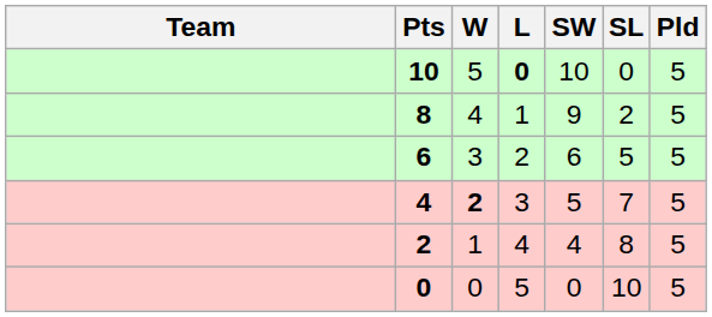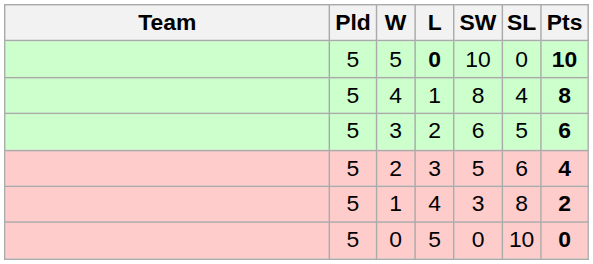 <table class=wikitable style="text-align:center">
 <tr>
 <th width=220>Team</th>
-<th width=20>Pts</th>
+<th width=20>Pld</th>
 <th width=20>W</th>
 <th width=20>L</th>
 <th width=20>SW</th>
 <th width=20>SL</th>
-<th width=20>Pld</th>
+<th width=20>Pts</th>
 </tr>
 <tr bgcolor=ccffcc>
 <td align=left></td>
-<td><strong>10</strong></td>
+<td>5</td>
 <td>5</td>
 <td><strong>0</strong></td>
 <td>10</td>
 <td>0</td>
-<td>5</td>
+<td><strong>10</strong></td>
 </tr>
 <tr bgcolor=ccffcc>
 <td align=left></td>
-<td><strong>8</strong></td>
+<td>5</td>
 <td>4</td>
 <td>1</td>
-<td>9</td>
-<td>2</td>
-<td>5</td>
+<td>8</td>
+<td>4</td>
+<td><strong>8</strong></td>
 </tr>
 <tr bgcolor=ccffcc>
 <td align=left></td>
-<td><strong>6</strong></td>
+<td>5</td>
 <td>3</td>
 <td>2</td>
 <td>6</td>
 <td>5</td>
-<td>5</td>
+<td><strong>6</strong></td>
 </tr>
 <tr bgcolor=ffcccc>
 <td align=left></td>
-<td><strong>4</strong></td>
-<td><strong>2</strong></td>
+<td>5</td>
+<td>2</td>
 <td>3</td>
 <td>5</td>
-<td>7</td>
-<td>5</td>
+<td>6</td>
+<td><strong>4</strong></td>
 </tr>
 <tr bgcolor=ffcccc>
 <td align=left></td>
-<td><strong>2</strong></td>
+<td>5</td>
 <td>1</td>
 <td>4</td>
-<td>4</td>
+<td>3</td>
 <td>8</td>
-<td>5</td>
+<td><strong>2</strong></td>
 </tr>
 <tr bgcolor=ffcccc>
 <td align=left></td>
-<td><strong>0</strong></td>
+<td>5</td>
 <td>0</td>
 <td>5</td>
 <td>0</td>
 <td>10</td>
-<td>5</td>
+<td><strong>0</strong></td>
 </tr>
 </table>
